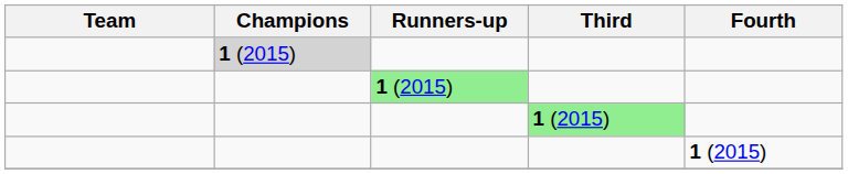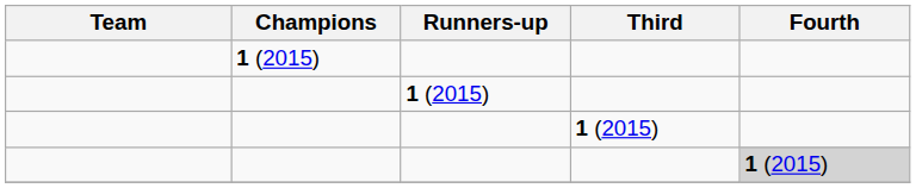 <table class="wikitable">
 <tr>
 <th width=20%>Team</th>
 <th width=15%>Champions</th>
 <th width=15%>Runners-up</th>
 <th width=15%>Third</th>
 <th width=15%>Fourth</th>
 </tr>
 <tr>
 <td><strong></strong></td>
-<td style="background: lightgrey;"><strong>1</strong> (<a href='#'>2015</a>)</td>
+<td><strong>1</strong> (<a href='#'>2015</a>)</td>
 <td></td>
 <td></td>
 <td></td>
 </tr>
 <tr>
 <td></td>
 <td></td>
-<td style="background: lightgreen;"><strong>1</strong> (<a href='#'>2015</a>)</td>
+<td><strong>1</strong> (<a href='#'>2015</a>)</td>
 <td></td>
 <td></td>
 </tr>
 <tr>
 <td></td>
 <td></td>
 <td></td>
-<td style="background: lightgreen;"><strong>1</strong> (<a href='#'>2015</a>)</td>
+<td><strong>1</strong> (<a href='#'>2015</a>)</td>
 <td></td>
 </tr>
 <tr>
 <td></td>
 <td></td>
 <td></td>
 <td></td>
-<td><strong>1</strong> (<a href='#'>2015</a>)</td>
+<td style="background: lightgrey;"><strong>1</strong> (<a href='#'>2015</a>)</td>
 </tr>
 <tr>
 </tr>
 </table>
